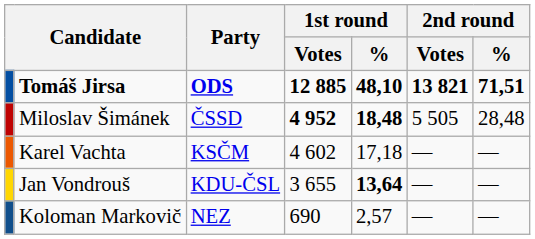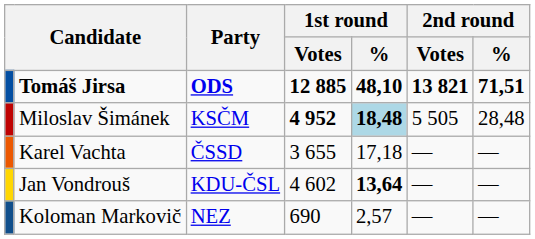 <table class="wikitable sortable">
 <tr>
 <th colspan="2" rowspan="2">Candidate</th>
 <th rowspan="2">Party</th>
 <th colspan="2">1st round</th>
 <th colspan="2">2nd round</th>
 </tr>
 <tr>
 <th>Votes</th>
 <th>%</th>
 <th>Votes</th>
 <th>%</th>
 </tr>
 <tr>
 <td style="background-color:#034EA2;"></td>
 <td><strong>Tomáš Jirsa</strong></td>
 <td><a href='#'><strong>ODS</strong></a></td>
 <td><strong>12 885</strong></td>
 <td><strong>48,10</strong></td>
 <td><strong>13 821</strong></td>
 <td><strong>71,51</strong></td>
 </tr>
 <tr>
 <td style="background-color:#bf0202;"></td>
 <td>Miloslav Šimánek</td>
-<td><a href='#'>ČSSD</a></td>
+<td><a href='#'>KSČM</a></td>
 <td><strong>4 952</strong></td>
-<td><strong>18,48</strong></td>
+<td style="background: lightblue;"><strong>18,48</strong></td>
 <td>5 505</td>
 <td>28,48</td>
 </tr>
 <tr>
 <td style="background-color:#EC5800;"></td>
 <td>Karel Vachta</td>
-<td><a href='#'>KSČM</a></td>
-<td>4 602</td>
+<td><a href='#'>ČSSD</a></td>
+<td>3 655</td>
 <td>17,18</td>
 <td>—</td>
 <td>—</td>
 </tr>
 <tr>
 <td style="background-color:#FFD700;"></td>
 <td>Jan Vondrouš</td>
 <td><a href='#'>KDU-ČSL</a></td>
-<td>3 655</td>
+<td>4 602</td>
 <td><strong>13,64</strong></td>
 <td>—</td>
 <td>—</td>
 </tr>
 <tr>
 <td style="background-color:#104E8B;"></td>
 <td>Koloman Markovič</td>
 <td><a href='#'>NEZ</a></td>
 <td>690</td>
 <td>2,57</td>
 <td>—</td>
 <td>—</td>
 </tr>
 </table>
